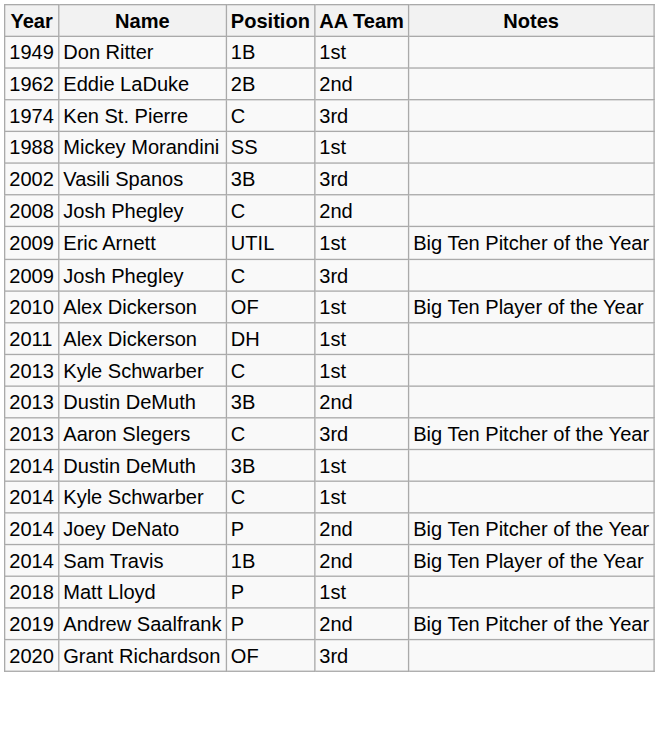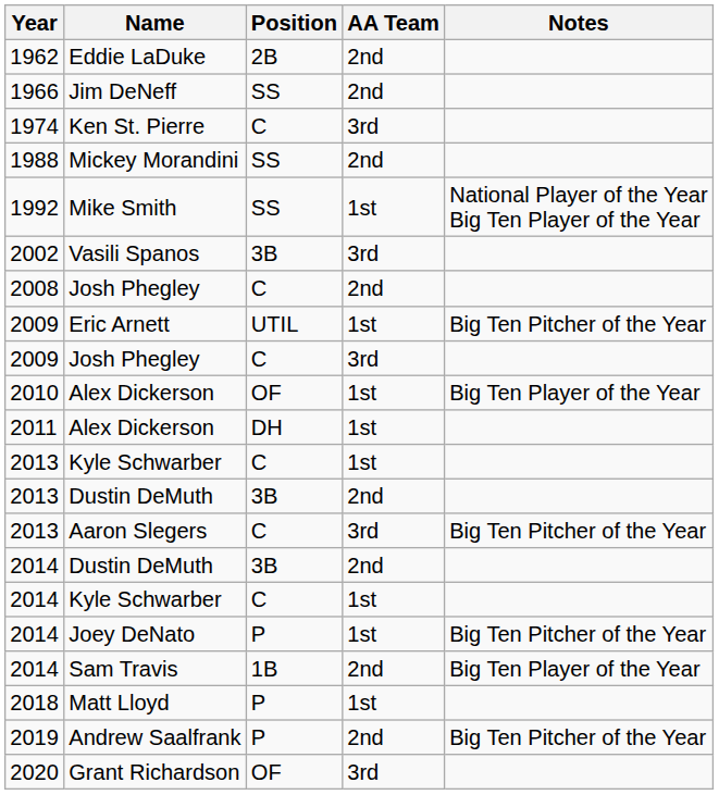 <table class="wikitable sortable" style="font-size: 95%;">
 <tr>
 <th>Year</th>
 <th>Name</th>
 <th>Position</th>
 <th>AA Team</th>
 <th>Notes</th>
 </tr>
-<tr style="text-align:left;">
-<td>1949</td>
-<td>Don Ritter</td>
-<td>1B</td>
-<td>1st</td>
-<td></td>
-</tr>
 <tr>
 <td>1962</td>
 <td>Eddie LaDuke</td>
 <td>2B</td>
+<td>2nd</td>
+<td></td>
+</tr>
+<tr>
+<td>1966</td>
+<td>Jim DeNeff</td>
+<td>SS</td>
 <td>2nd</td>
 <td></td>
 </tr>
 <tr>
 <td>1974</td>
 <td>Ken St. Pierre</td>
 <td>C</td>
 <td>3rd</td>
 <td></td>
 </tr>
 <tr>
 <td>1988</td>
 <td>Mickey Morandini</td>
 <td>SS</td>
+<td>2nd</td>
+<td></td>
+</tr>
+<tr>
+<td>1992</td>
+<td>Mike Smith</td>
+<td>SS</td>
 <td>1st</td>
-<td></td>
+<td>National Player of the Year<br>Big Ten Player of the Year</td>
 </tr>
 <tr>
 <td>2002</td>
 <td>Vasili Spanos</td>
 <td>3B</td>
 <td>3rd</td>
 <td></td>
 </tr>
 <tr>
 <td>2008</td>
 <td>Josh Phegley</td>
 <td>C</td>
 <td>2nd</td>
 <td></td>
 </tr>
 <tr>
 <td>2009</td>
 <td>Eric Arnett</td>
 <td>UTIL</td>
 <td>1st</td>
 <td>Big Ten Pitcher of the Year</td>
 </tr>
 <tr>
 <td>2009</td>
 <td>Josh Phegley</td>
 <td>C</td>
 <td>3rd</td>
 <td></td>
 </tr>
 <tr>
 <td>2010</td>
 <td>Alex Dickerson</td>
 <td>OF</td>
 <td>1st</td>
 <td>Big Ten Player of the Year</td>
 </tr>
 <tr>
 <td>2011</td>
 <td>Alex Dickerson</td>
 <td>DH</td>
 <td>1st</td>
 <td></td>
 </tr>
 <tr>
 <td>2013</td>
 <td>Kyle Schwarber</td>
 <td>C</td>
 <td>1st</td>
 <td></td>
 </tr>
 <tr>
 <td>2013</td>
 <td>Dustin DeMuth</td>
 <td>3B</td>
 <td>2nd</td>
 <td></td>
 </tr>
 <tr>
 <td>2013</td>
 <td>Aaron Slegers</td>
 <td>C</td>
 <td>3rd</td>
 <td>Big Ten Pitcher of the Year</td>
 </tr>
 <tr>
 <td>2014</td>
 <td>Dustin DeMuth</td>
 <td>3B</td>
-<td>1st</td>
+<td>2nd</td>
 <td></td>
 </tr>
 <tr>
 <td>2014</td>
 <td>Kyle Schwarber</td>
 <td>C</td>
 <td>1st</td>
 <td></td>
 </tr>
 <tr>
 <td>2014</td>
 <td>Joey DeNato</td>
 <td>P</td>
-<td>2nd</td>
+<td>1st</td>
 <td>Big Ten Pitcher of the Year</td>
 </tr>
 <tr>
 <td>2014</td>
 <td>Sam Travis</td>
 <td>1B</td>
 <td>2nd</td>
 <td>Big Ten Player of the Year</td>
 </tr>
 <tr>
 <td>2018</td>
 <td>Matt Lloyd</td>
 <td>P</td>
 <td>1st</td>
 <td></td>
 </tr>
 <tr>
 <td>2019</td>
 <td>Andrew Saalfrank</td>
 <td>P</td>
 <td>2nd</td>
 <td>Big Ten Pitcher of the Year</td>
 </tr>
 <tr>
 <td>2020</td>
 <td>Grant Richardson</td>
 <td>OF</td>
 <td>3rd</td>
 <td></td>
 </tr>
 </table>
